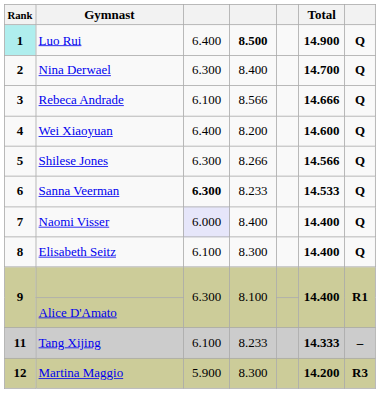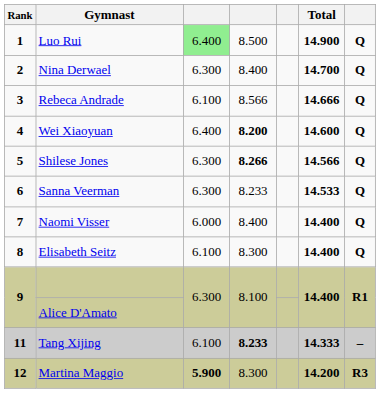 <table class="wikitable sortable" style="text-align:center;">
 <tr>
 <th scope="col" style="width:15px;"><small>Rank</small></th>
 <th scope="col" style="width:175px;">Gymnast</th>
 <th scope="col" style="width:50px;"><small></small></th>
 <th scope="col" style="width:50px;"><small></small></th>
 <th scope="col" style="width:20px;"><small></small></th>
 <th scope="col" style="width:50px;">Total</th>
 <th scope="col" style="width:30px;"><small></small></th>
 </tr>
 <tr>
-<td scope="row" style="background: paleturquoise; text-align:center"><strong>1</strong></td>
+<td scope="row" style="text-align:center"><strong>1</strong></td>
 <td style="height:30px; text-align:left;"> <a href='#'>Luo Rui</a></td>
-<td>6.400</td>
-<td><strong>8.500</strong></td>
+<td style="background: lightgreen;">6.400</td>
+<td>8.500</td>
 <td></td>
 <td><strong>14.900</strong></td>
 <td><strong>Q</strong></td>
 </tr>
 <tr>
 <td scope="row" style="text-align:center"><strong>2</strong></td>
 <td style="height:30px; text-align:left;"> <a href='#'>Nina Derwael</a></td>
 <td>6.300</td>
 <td>8.400</td>
 <td></td>
 <td><strong>14.700</strong></td>
 <td><strong>Q</strong></td>
 </tr>
 <tr>
 <td scope="row" style="text-align:center"><strong>3</strong></td>
 <td style="height:30px; text-align:left;"> <a href='#'>Rebeca Andrade</a></td>
 <td>6.100</td>
 <td>8.566</td>
 <td></td>
 <td><strong>14.666</strong></td>
 <td><strong>Q</strong></td>
 </tr>
 <tr>
 <td scope="row" style="text-align:center"><strong>4</strong></td>
 <td style="height:30px; text-align:left;"> <a href='#'>Wei Xiaoyuan</a></td>
 <td>6.400</td>
-<td>8.200</td>
+<td><strong>8.200</strong></td>
 <td></td>
 <td><strong>14.600</strong></td>
 <td><strong>Q</strong></td>
 </tr>
 <tr>
 <td scope="row" style="text-align:center"><strong>5</strong></td>
 <td style="height:30px; text-align:left;"> <a href='#'>Shilese Jones</a></td>
 <td>6.300</td>
-<td>8.266</td>
+<td><strong>8.266</strong></td>
 <td></td>
 <td><strong>14.566</strong></td>
 <td><strong>Q</strong></td>
 </tr>
 <tr>
 <td scope="row" style="text-align:center"><strong>6</strong></td>
 <td style="height:30px; text-align:left;"> <a href='#'>Sanna Veerman</a></td>
-<td><strong>6.300</strong></td>
+<td>6.300</td>
 <td>8.233</td>
 <td></td>
 <td><strong>14.533</strong></td>
 <td><strong>Q</strong></td>
 </tr>
 <tr>
 <td scope="row" style="text-align:center"><strong>7</strong></td>
 <td style="height:30px; text-align:left;"> <a href='#'>Naomi Visser</a></td>
-<td style="background: lavender;">6.000</td>
+<td>6.000</td>
 <td>8.400</td>
 <td></td>
 <td><strong>14.400</strong></td>
 <td><strong>Q</strong></td>
 </tr>
 <tr>
 <td scope="row" style="text-align:center"><strong>8</strong></td>
 <td style="height:30px; text-align:left;"> <a href='#'>Elisabeth Seitz</a></td>
 <td>6.100</td>
 <td>8.300</td>
 <td></td>
 <td><strong>14.400</strong></td>
 <td><strong>Q</strong></td>
 </tr>
 <tr style="background:#cccc99;">
 <td rowspan=2 scope="row" style="text-align:center"><strong>9</strong></td>
 <td style="height:30px; text-align:left;"></td>
 <td rowspan=2>6.300</td>
 <td rowspan=2>8.100</td>
 <td></td>
 <td rowspan=2><strong>14.400</strong></td>
 <td rowspan=2><strong>R1</strong></td>
 </tr>
 <tr style="background:#cccc99;">
 <td style="height:30px; text-align:left;"> <a href='#'>Alice D'Amato</a></td>
 <td></td>
 </tr>
 <tr style="background:#cccccc;">
 <td scope="row" style="text-align:center"><strong>11</strong></td>
 <td style="height:30px; text-align:left;"> <a href='#'>Tang Xijing</a></td>
 <td>6.100</td>
-<td>8.233</td>
+<td><strong>8.233</strong></td>
 <td></td>
 <td><strong>14.333</strong></td>
 <td><strong>–</strong></td>
 </tr>
 <tr style="background:#cccc99;">
 <td scope="row" style="text-align:center"><strong>12</strong></td>
 <td style="height:30px; text-align:left;"> <a href='#'>Martina Maggio</a></td>
-<td>5.900</td>
+<td><strong>5.900</strong></td>
 <td>8.300</td>
 <td></td>
 <td><strong>14.200</strong></td>
 <td><strong>R3</strong></td>
 </tr>
 </table>
